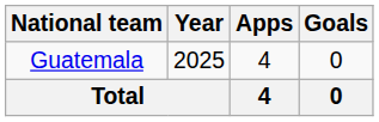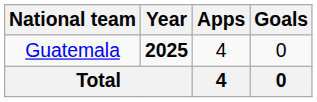 <table class=wikitable style=text-align:center>
 <tr>
 <th>National team</th>
 <th>Year</th>
 <th>Apps</th>
 <th>Goals</th>
 </tr>
 <tr>
 <td><a href='#'>Guatemala</a></td>
-<td>2025</td>
+<td><strong>2025</strong></td>
 <td>4</td>
 <td>0</td>
 </tr>
 <tr>
 <th colspan="2">Total</th>
 <th>4</th>
 <th>0</th>
 </tr>
 </table>
